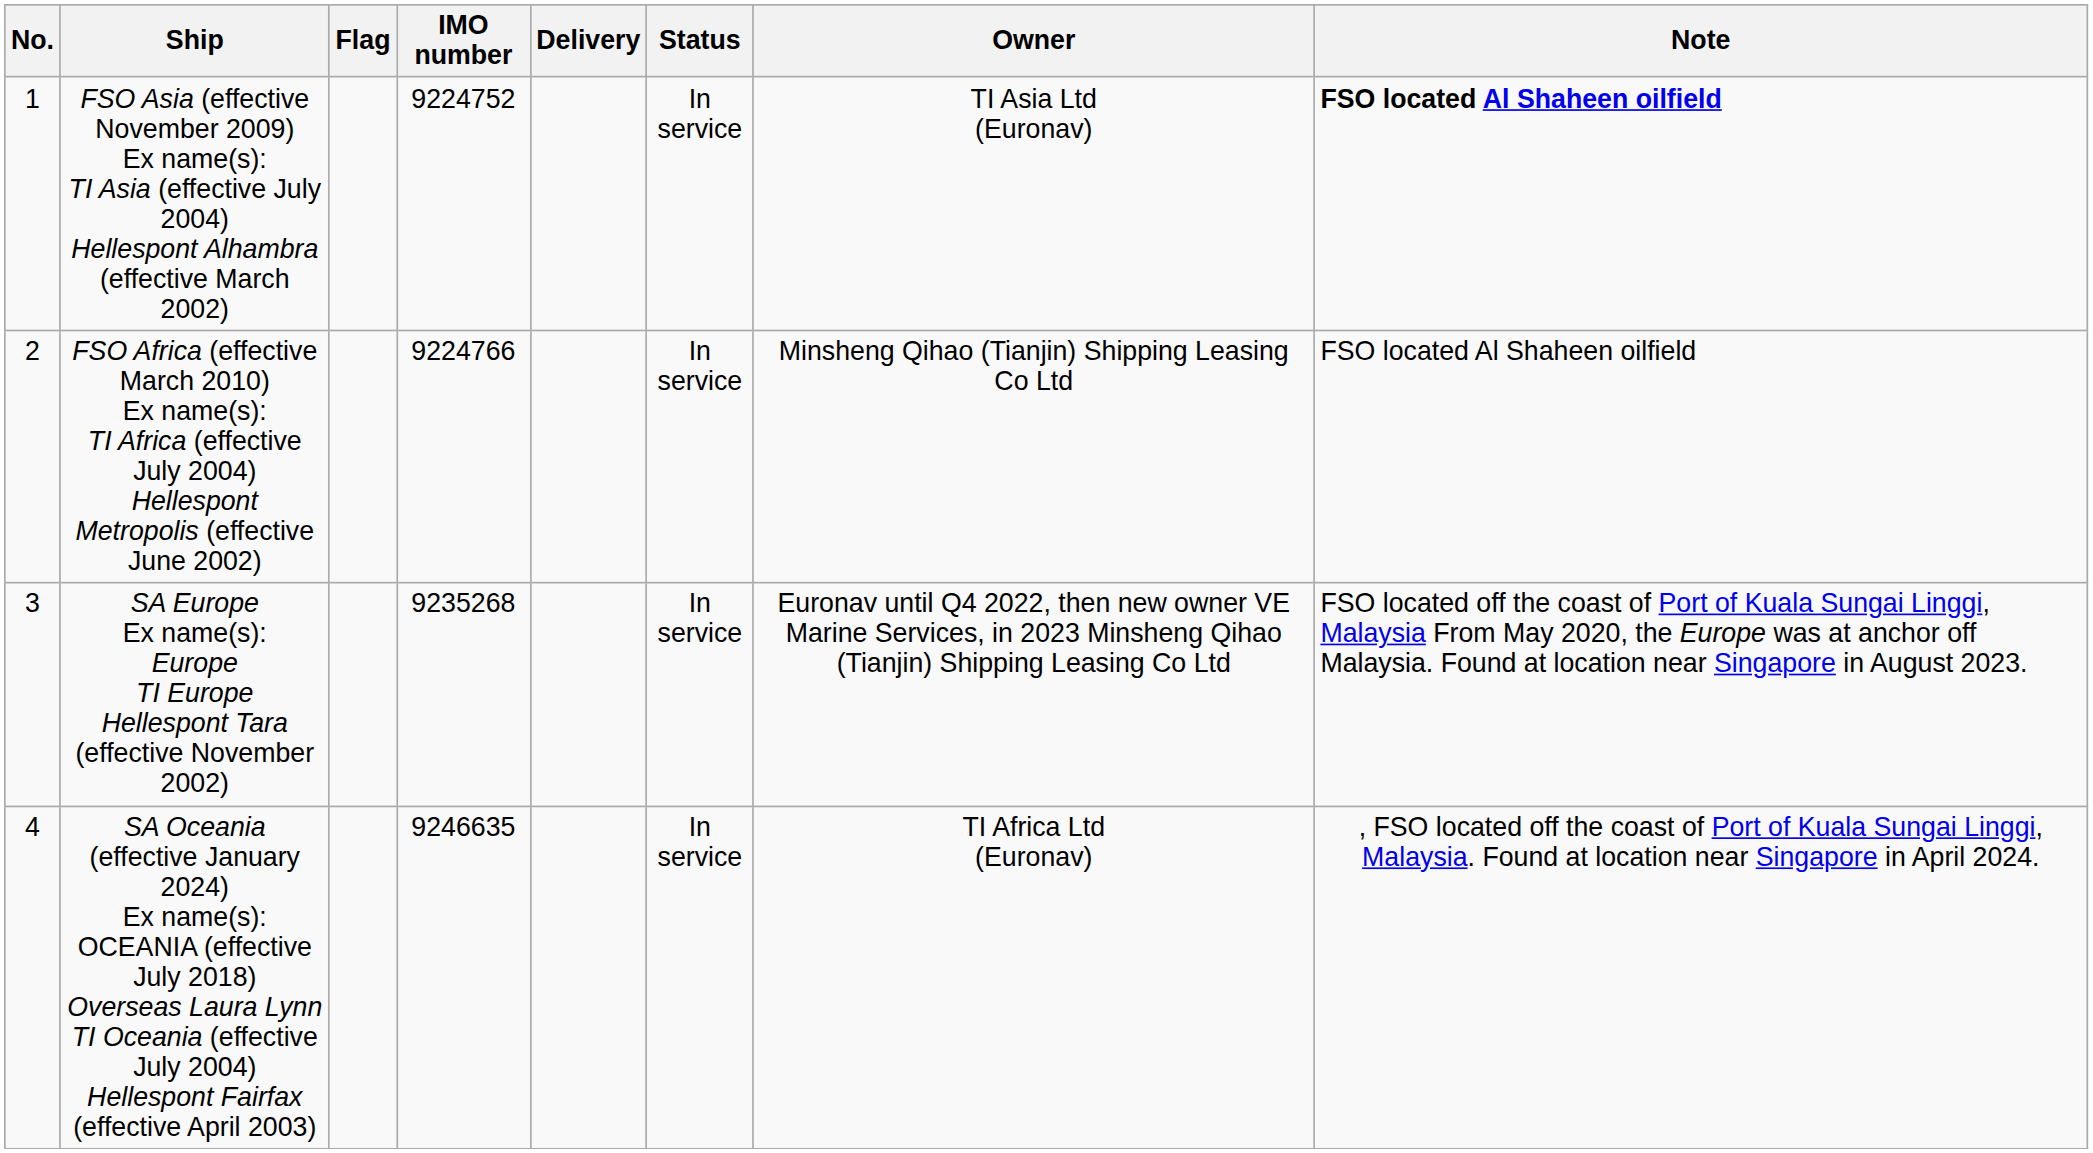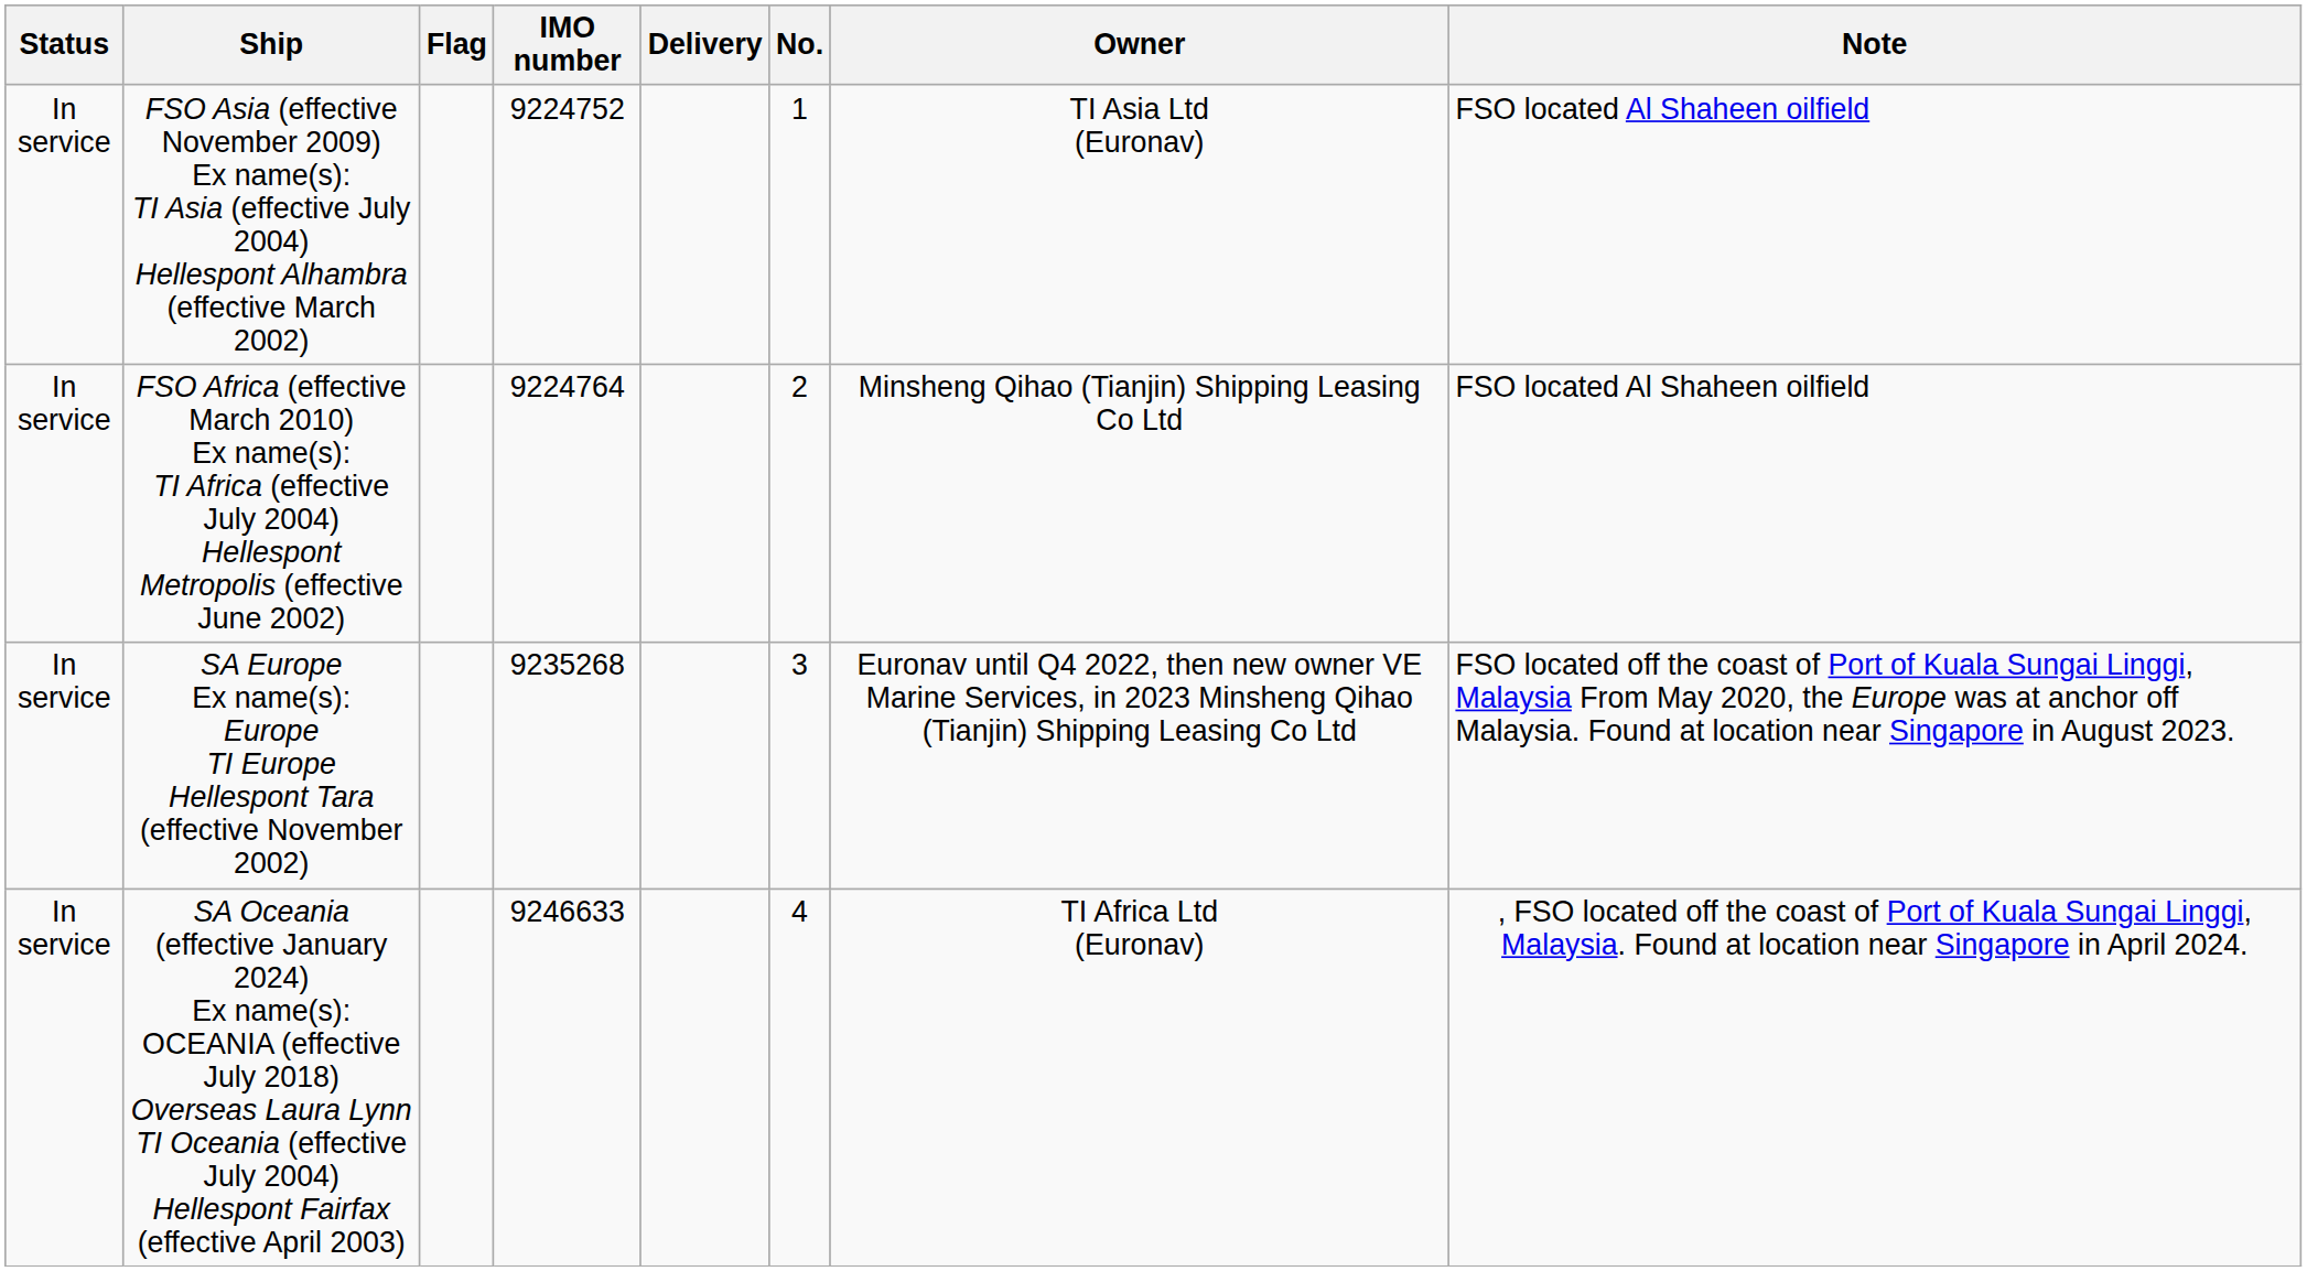 <table class="wikitable" style="text-align: center;">
 <tr>
-<th scope="col">No.</th>
+<th scope="col">Status</th>
 <th scope="col">Ship</th>
 <th scope="col">Flag</th>
 <th scope="col">IMO number</th>
 <th scope="col">Delivery</th>
-<th scope="col">Status</th>
+<th scope="col">No.</th>
 <th scope="col">Owner</th>
 <th style="Xwidth: 20%;" scope="col">Note</th>
 </tr>
 <tr style="vertical-align: top;">
-<td>1</td>
+<td>In service</td>
 <td><em>FSO Asia</em> (effective November 2009)<br>Ex name(s):<br><em>TI Asia</em> (effective July 2004)<br><em>Hellespont Alhambra</em> (effective March 2002)</td>
 <td></td>
 <td>9224752</td>
 <td></td>
-<td>In service</td>
+<td>1</td>
 <td>TI Asia Ltd<br>(Euronav)</td>
-<td style="text-align: left;"><strong>FSO located <a href='#'>Al Shaheen oilfield</a></strong></td>
+<td style="text-align: left;">FSO located <a href='#'>Al Shaheen oilfield</a></td>
 </tr>
 <tr style="vertical-align: top;">
-<td>2</td>
+<td>In service</td>
 <td><em>FSO Africa</em> (effective March 2010)<br>Ex name(s):<br><em>TI Africa</em> (effective July 2004)<br><em>Hellespont Metropolis</em> (effective June 2002)</td>
 <td></td>
-<td>9224766</td>
+<td>9224764</td>
 <td></td>
-<td>In service</td>
+<td>2</td>
 <td>Minsheng Qihao (Tianjin) Shipping Leasing Co Ltd</td>
 <td style="text-align: left;">FSO located Al Shaheen oilfield</td>
 </tr>
 <tr style="vertical-align: top;">
-<td>3</td>
+<td>In service</td>
 <td><em>SA Europe</em> <br>Ex name(s):<br><em>Europe</em><br><em>TI Europe</em><br><em>Hellespont Tara</em> (effective November 2002)</td>
 <td></td>
 <td>9235268</td>
 <td></td>
-<td>In service</td>
+<td>3</td>
 <td>Euronav until Q4 2022, then new owner VE Marine Services, in 2023 Minsheng Qihao (Tianjin) Shipping Leasing Co Ltd</td>
 <td style="text-align: left;">FSO located off the coast of <a href='#'>Port of Kuala Sungai Linggi</a>, <a href='#'>Malaysia</a> From May 2020, the <em>Europe</em> was at anchor off Malaysia. Found at location near <a href='#'>Singapore</a> in August 2023.</td>
 </tr>
 <tr style="vertical-align: top;">
-<td>4</td>
+<td>In service</td>
 <td><em>SA Oceania</em><br>(effective January 2024)<br>Ex name(s): <br>OCEANIA (effective July 2018)<br><em>Overseas Laura Lynn</em> <br><em>TI Oceania</em> (effective July 2004) <br> <em>Hellespont Fairfax</em> (effective April 2003)</td>
 <td></td>
-<td>9246635</td>
+<td>9246633</td>
 <td></td>
-<td>In service</td>
+<td>4</td>
 <td>TI Africa Ltd<br>(Euronav)</td>
 <td>, FSO located off the coast of <a href='#'>Port of Kuala Sungai Linggi</a>, <a href='#'>Malaysia</a>. Found at location near <a href='#'>Singapore</a> in April 2024.</td>
 </tr>
 </table>
